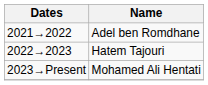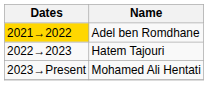 <table class="wikitable">
 <tr>
 <th>Dates</th>
 <th>Name</th>
 </tr>
 <tr>
-<td>2021→2022</td>
+<td style="background: gold;">2021→2022</td>
 <td> Adel ben Romdhane</td>
 </tr>
 <tr>
 <td>2022→2023</td>
 <td> Hatem Tajouri</td>
 </tr>
 <tr>
 <td>2023→Present</td>
 <td> Mohamed Ali Hentati </td>
 </tr>
 <tr>
 </tr>
 </table>
